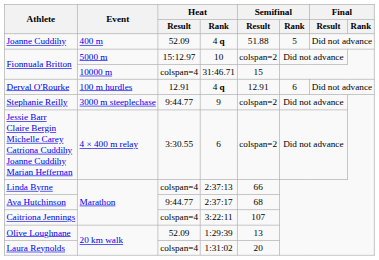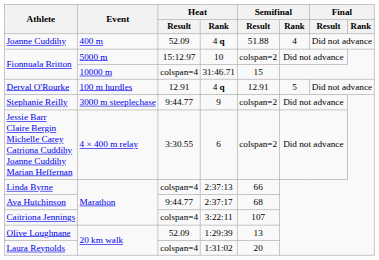 <table class="wikitable" style="font-size:90%">
 <tr>
 <th rowspan="2">Athlete</th>
 <th rowspan="2">Event</th>
 <th colspan="2">Heat</th>
 <th colspan="2">Semifinal</th>
 <th colspan="2">Final</th>
 </tr>
 <tr style="font-size:95%">
 <th>Result</th>
 <th>Rank</th>
 <th>Result</th>
 <th>Rank</th>
 <th>Result</th>
 <th>Rank</th>
 </tr>
 <tr align=center>
 <td align=left><a href='#'>Joanne Cuddihy</a></td>
 <td align=left><a href='#'>400 m</a></td>
 <td>52.09</td>
 <td>4 <strong>q</strong></td>
 <td>51.88</td>
-<td>5</td>
+<td>4</td>
 <td colspan=2>Did not advance</td>
 </tr>
 <tr align=center>
 <td align=left rowspan=2><a href='#'>Fionnuala Britton</a></td>
 <td align=left><a href='#'>5000 m</a></td>
 <td>15:12.97</td>
 <td>10</td>
 <td>colspan=2 </td>
 <td colspan=2>Did not advance</td>
 </tr>
 <tr align=center>
 <td align=left><a href='#'>10000 m</a></td>
 <td>colspan=4 </td>
 <td>31:46.71</td>
 <td>15</td>
 </tr>
 <tr align=center>
 <td align=left><a href='#'>Derval O'Rourke</a></td>
 <td align=left><a href='#'>100 m hurdles</a></td>
 <td>12.91</td>
 <td>4 <strong>q</strong></td>
 <td>12.91</td>
-<td>6</td>
+<td>5</td>
 <td colspan=2>Did not advance</td>
 </tr>
 <tr align=center>
 <td align=left><a href='#'>Stephanie Reilly</a></td>
 <td align=left><a href='#'>3000 m steeplechase</a></td>
 <td>9:44.77</td>
 <td>9</td>
 <td>colspan=2 </td>
 <td colspan=2>Did not advance</td>
 </tr>
 <tr align=center>
 <td align=left><a href='#'>Jessie Barr</a><br><a href='#'>Claire Bergin</a><br><a href='#'>Michelle Carey</a><br><a href='#'>Catriona Cuddihy</a><br><a href='#'>Joanne Cuddihy</a><br><a href='#'>Marian Heffernan</a></td>
 <td align=left><a href='#'>4 × 400 m relay</a></td>
 <td>3:30.55</td>
 <td>6</td>
 <td>colspan=2 </td>
 <td colspan=2>Did not advance</td>
 </tr>
 <tr align=center>
 <td align=left><a href='#'>Linda Byrne</a></td>
 <td align=left rowspan=3><a href='#'>Marathon</a></td>
 <td>colspan=4 </td>
 <td>2:37:13</td>
 <td>66</td>
 </tr>
 <tr align=center>
 <td align=left><a href='#'>Ava Hutchinson</a></td>
 <td>9:44.77</td>
 <td>2:37:17</td>
 <td>68</td>
 </tr>
 <tr align=center>
 <td align=left><a href='#'>Caitriona Jennings</a></td>
 <td>colspan=4 </td>
 <td>3:22:11</td>
 <td>107</td>
 </tr>
 <tr align=center>
 <td align=left><a href='#'>Olive Loughnane</a></td>
 <td align=left rowspan=2><a href='#'>20 km walk</a></td>
 <td>52.09</td>
 <td>1:29:39</td>
 <td>13</td>
 </tr>
 <tr align=center>
 <td align=left><a href='#'>Laura Reynolds</a></td>
 <td>colspan=4 </td>
 <td>1:31:02</td>
 <td>20</td>
 </tr>
 </table>
